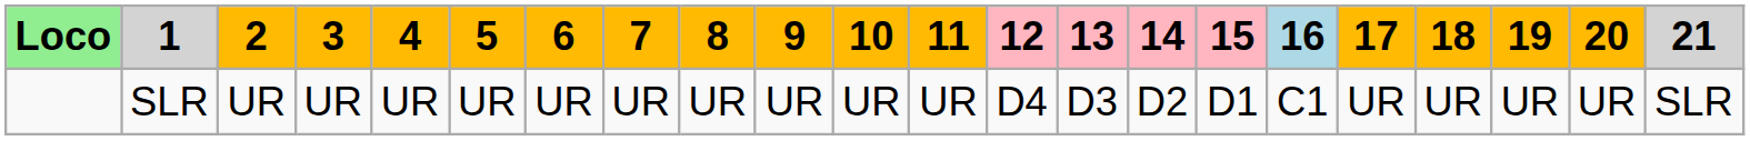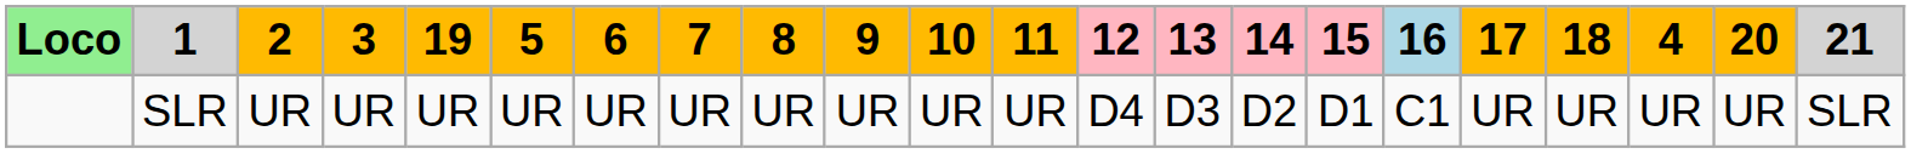 <table class="wikitable plainrowheaders unsortable" style="text-align:center">
 <tr>
 <th style="background:lightgreen;">Loco</th>
 <th style="background:lightgrey;">1</th>
 <th style="background:#FFBA01;">2</th>
 <th style="background:#FFBA01;">3</th>
-<th style="background:#FFBA01;">4</th>
+<th style="background:#FFBA01;">19</th>
 <th style="background:#FFBA01;">5</th>
 <th style="background:#FFBA01;">6</th>
 <th style="background:#FFBA01;">7</th>
 <th style="background:#FFBA01;">8</th>
 <th style="background:#FFBA01;">9</th>
 <th style="background:#FFBA01;">10</th>
 <th style="background:#FFBA01;">11</th>
 <th style="background:lightpink;">12</th>
 <th style="background:lightpink;">13</th>
 <th style="background:lightpink;">14</th>
 <th style="background:lightpink;">15</th>
 <th style="background:lightblue;">16</th>
 <th style="background:#FFBA01;">17</th>
 <th style="background:#FFBA01;">18</th>
-<th style="background:#FFBA01;">19</th>
+<th style="background:#FFBA01;">4</th>
 <th style="background:#FFBA01;">20</th>
 <th style="background:lightgrey;">21</th>
 </tr>
 <tr>
 <td></td>
 <td>SLR</td>
 <td>UR</td>
 <td>UR</td>
 <td>UR</td>
 <td>UR</td>
 <td>UR</td>
 <td>UR</td>
 <td>UR</td>
 <td>UR</td>
 <td>UR</td>
 <td>UR</td>
 <td>D4</td>
 <td>D3</td>
 <td>D2</td>
 <td>D1</td>
 <td>C1</td>
 <td>UR</td>
 <td>UR</td>
 <td>UR</td>
 <td>UR</td>
 <td>SLR</td>
 </tr>
 </table>
